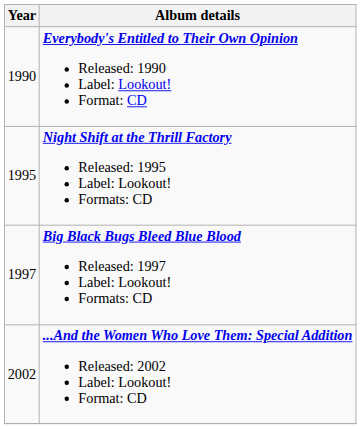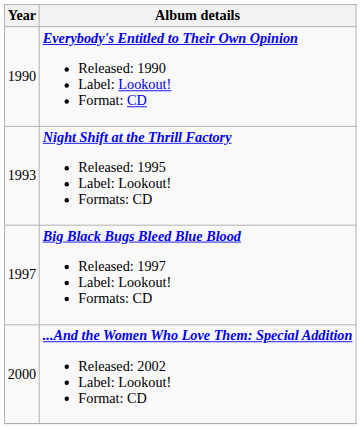 <table class ="wikitable">
 <tr>
 <th>Year</th>
 <th>Album details</th>
 </tr>
 <tr>
 <td>1990</td>
 <td><strong><em><a href='#'>Everybody's Entitled to Their Own Opinion</a></em></strong><br><ul><li>Released: 1990</li><li>Label: <a href='#'>Lookout!</a></li><li>Format: <a href='#'>CD</a></li></ul></td>
 </tr>
 <tr>
-<td>1995</td>
+<td>1993</td>
 <td><strong><em><a href='#'>Night Shift at the Thrill Factory</a></em></strong><br><ul><li>Released: 1995</li><li>Label: Lookout!</li><li>Formats: CD</li></ul></td>
 </tr>
 <tr>
 <td>1997</td>
 <td><strong><em><a href='#'>Big Black Bugs Bleed Blue Blood</a></em></strong><br><ul><li>Released: 1997</li><li>Label: Lookout!</li><li>Formats: CD</li></ul></td>
 </tr>
 <tr>
-<td>2002</td>
+<td>2000</td>
 <td><strong><em><a href='#'>...And the Women Who Love Them: Special Addition</a></em></strong><br><ul><li>Released: 2002</li><li>Label: Lookout!</li><li>Format: CD</li></ul></td>
 </tr>
 <tr>
 </tr>
 </table>
